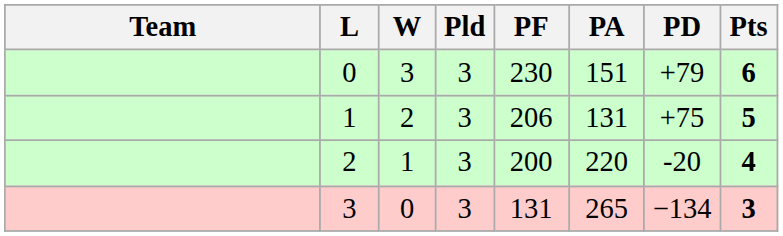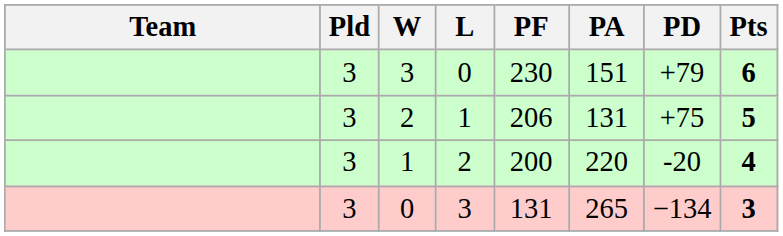 <table class="wikitable" style="text-align:center;">
 <tr>
 <th width=170>Team</th>
+<th width=25>Pld</th>
+<th width=25>W</th>
 <th width=25>L</th>
-<th width=25>W</th>
-<th width=25>Pld</th>
 <th width=35>PF</th>
 <th width=35>PA</th>
 <th width=35>PD</th>
 <th width=25>Pts</th>
 </tr>
 <tr bgcolor="#ccffcc">
 <td align="left"></td>
-<td>0</td>
 <td>3</td>
 <td>3</td>
+<td>0</td>
 <td>230</td>
 <td>151</td>
 <td>+79</td>
 <td><strong>6</strong></td>
 </tr>
 <tr bgcolor="#ccffcc">
 <td align="left"></td>
+<td>3</td>
+<td>2</td>
 <td>1</td>
-<td>2</td>
-<td>3</td>
 <td>206</td>
 <td>131</td>
 <td>+75</td>
 <td><strong>5</strong></td>
 </tr>
 <tr bgcolor="#ccffcc">
 <td align="left"></td>
+<td>3</td>
+<td>1</td>
 <td>2</td>
-<td>1</td>
-<td>3</td>
 <td>200</td>
 <td>220</td>
 <td>-20</td>
 <td><strong>4</strong></td>
 </tr>
 <tr bgcolor=ffcccc>
 <td align="left"></td>
 <td>3</td>
 <td>0</td>
 <td>3</td>
 <td>131</td>
 <td>265</td>
 <td>−134</td>
 <td><strong>3</strong></td>
 </tr>
 </table>
